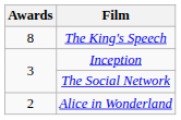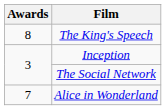 <table class="wikitable" style="text-align:center;">
 <tr>
 <th style="background:">Awards</th>
 <th style="background:">Film</th>
 </tr>
 <tr>
 <td>8</td>
 <td><em><a href='#'>The King's Speech</a></em></td>
 </tr>
 <tr>
 <td rowspan="2">3</td>
 <td><em><a href='#'>Inception</a></em></td>
 </tr>
 <tr>
 <td><em><a href='#'>The Social Network</a></em></td>
 </tr>
 <tr>
-<td>2</td>
+<td>7</td>
 <td><em><a href='#'>Alice in Wonderland</a></em></td>
 </tr>
 </table>
